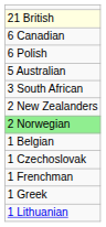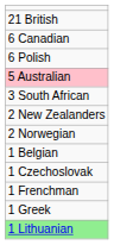 <table class="wikitable" align="right">
 <tr>
 <td></td>
 </tr>
 <tr>
-<td style="background: lightyellow;"> 21 British</td>
+<td> 21 British</td>
 </tr>
 <tr>
 <td> 6 Canadian</td>
 </tr>
 <tr>
 <td> 6 Polish</td>
 </tr>
 <tr>
-<td> 5 Australian</td>
+<td style="background: pink;"> 5 Australian</td>
 </tr>
 <tr>
 <td> 3 South African</td>
 </tr>
 <tr>
 <td> 2 New Zealanders</td>
 </tr>
 <tr>
-<td style="background: lightgreen;"> 2 Norwegian</td>
+<td> 2 Norwegian</td>
 </tr>
 <tr>
 <td> 1 Belgian</td>
 </tr>
 <tr>
 <td> 1 Czechoslovak</td>
 </tr>
 <tr>
 <td> 1 Frenchman</td>
 </tr>
 <tr>
 <td> 1 Greek</td>
 </tr>
 <tr>
-<td> <a href='#'>1 Lithuanian</a></td>
+<td style="background: lightgreen;"> <a href='#'>1 Lithuanian</a></td>
 </tr>
 </table>
